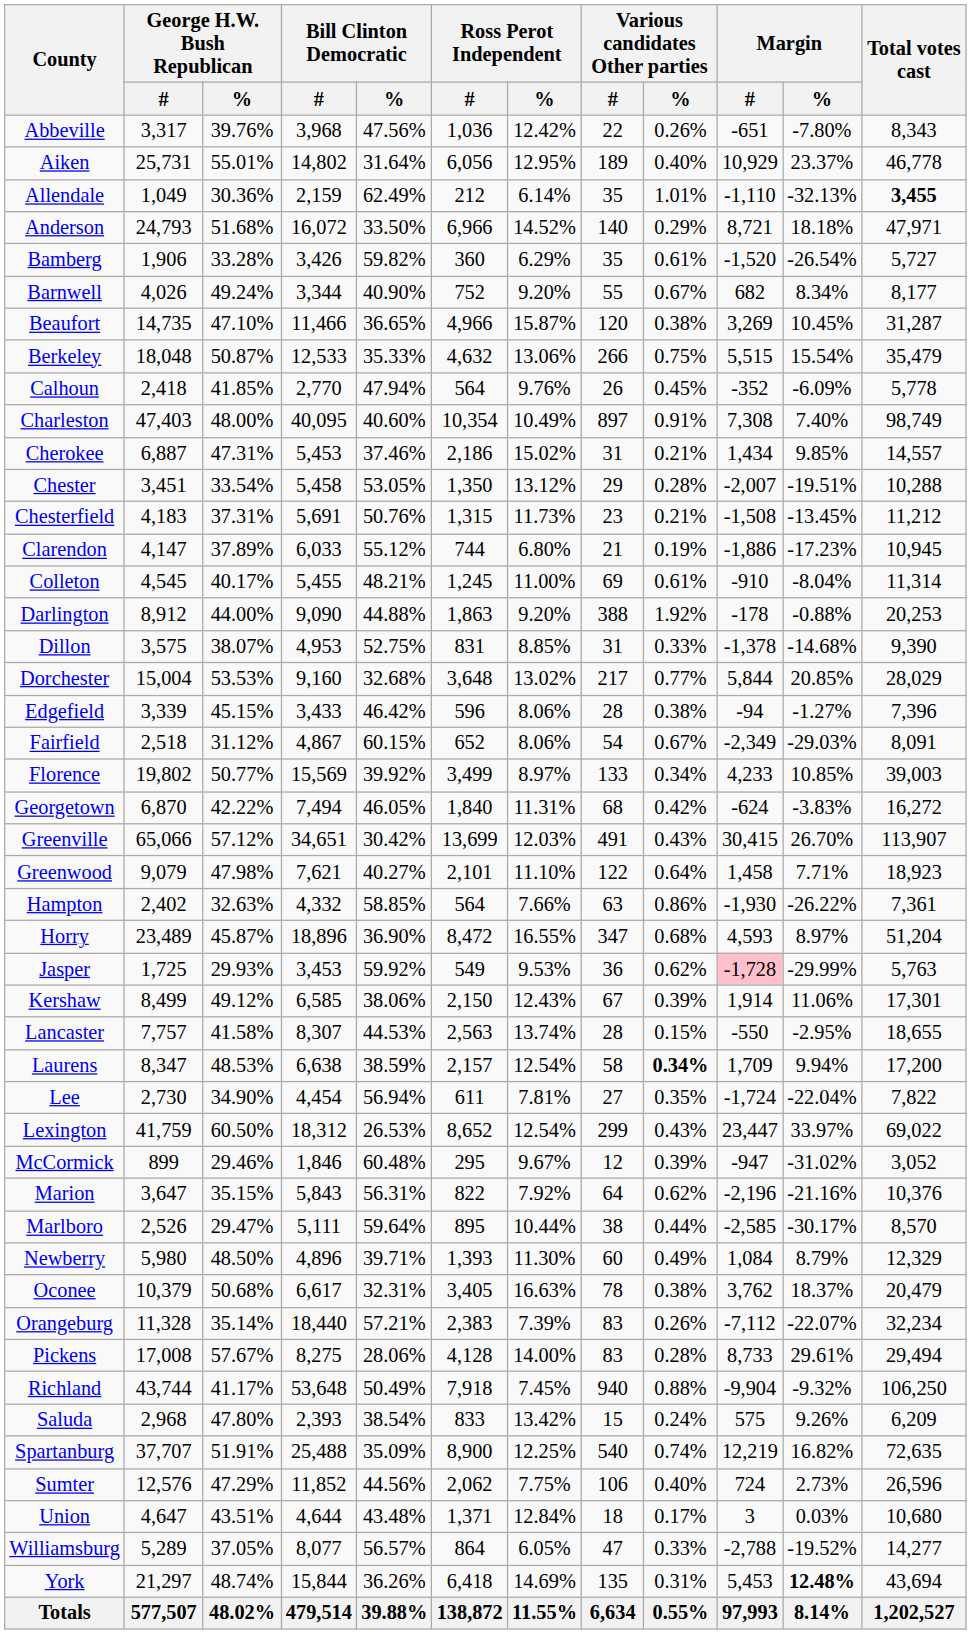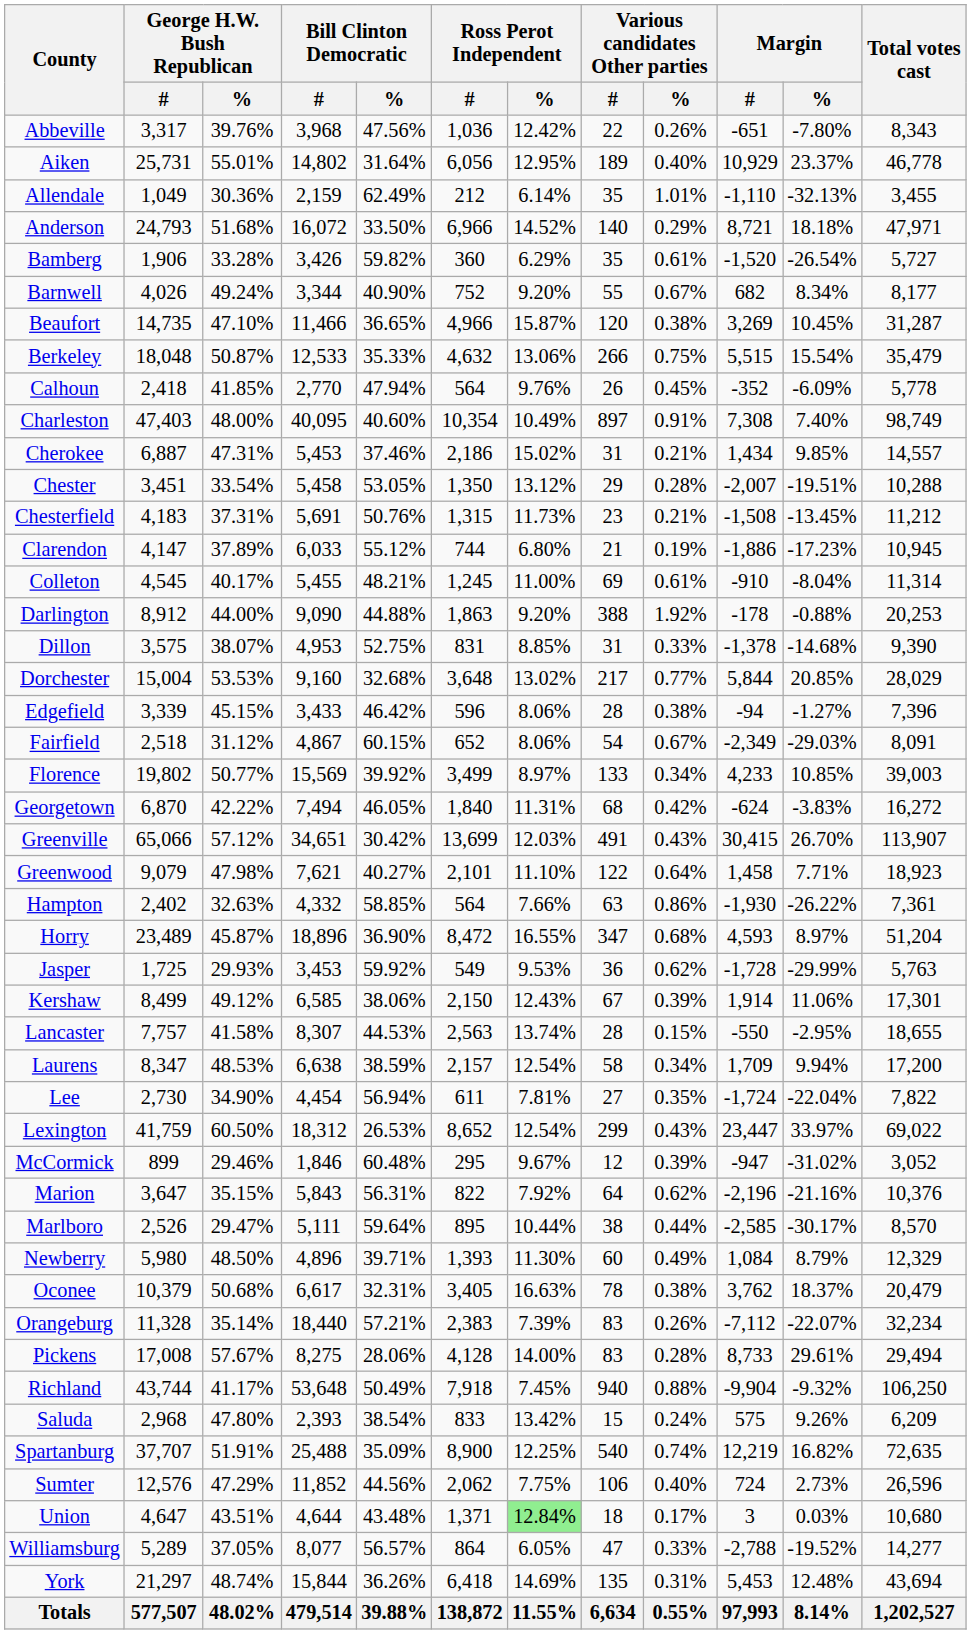 <table width="60%" class="wikitable sortable">
 <tr>
 <th rowspan="2">County</th>
 <th colspan="2" style="text-align:center;">George H.W. Bush<br>Republican</th>
 <th colspan="2" style="text-align:center;">Bill Clinton<br>Democratic</th>
 <th colspan="2" style="text-align:center;">Ross Perot<br>Independent</th>
 <th colspan="2" style="text-align:center;">Various candidates<br>Other parties</th>
 <th colspan="2" style="text-align:center;">Margin</th>
 <th rowspan="2" style="text-align:center;">Total votes cast</th>
 </tr>
 <tr>
 <th style="text-align:center;" data-sort-type="number">#</th>
 <th style="text-align:center;" data-sort-type="number">%</th>
 <th style="text-align:center;" data-sort-type="number">#</th>
 <th style="text-align:center;" data-sort-type="number">%</th>
 <th style="text-align:center;" data-sort-type="number">#</th>
 <th style="text-align:center;" data-sort-type="number">%</th>
 <th style="text-align:center;" data-sort-type="number">#</th>
 <th style="text-align:center;" data-sort-type="number">%</th>
 <th style="text-align:center;" data-sort-type="number">#</th>
 <th style="text-align:center;" data-sort-type="number">%</th>
 </tr>
 <tr style="text-align:center;">
 <td><a href='#'>Abbeville</a></td>
 <td>3,317</td>
 <td>39.76%</td>
 <td>3,968</td>
 <td>47.56%</td>
 <td>1,036</td>
 <td>12.42%</td>
 <td>22</td>
 <td>0.26%</td>
 <td>-651</td>
 <td>-7.80%</td>
 <td>8,343</td>
 </tr>
 <tr style="text-align:center;">
 <td><a href='#'>Aiken</a></td>
 <td>25,731</td>
 <td>55.01%</td>
 <td>14,802</td>
 <td>31.64%</td>
 <td>6,056</td>
 <td>12.95%</td>
 <td>189</td>
 <td>0.40%</td>
 <td>10,929</td>
 <td>23.37%</td>
 <td>46,778</td>
 </tr>
 <tr style="text-align:center;">
 <td><a href='#'>Allendale</a></td>
 <td>1,049</td>
 <td>30.36%</td>
 <td>2,159</td>
 <td>62.49%</td>
 <td>212</td>
 <td>6.14%</td>
 <td>35</td>
 <td>1.01%</td>
 <td>-1,110</td>
 <td>-32.13%</td>
-<td><strong>3,455</strong></td>
+<td>3,455</td>
 </tr>
 <tr style="text-align:center;">
 <td><a href='#'>Anderson</a></td>
 <td>24,793</td>
 <td>51.68%</td>
 <td>16,072</td>
 <td>33.50%</td>
 <td>6,966</td>
 <td>14.52%</td>
 <td>140</td>
 <td>0.29%</td>
 <td>8,721</td>
 <td>18.18%</td>
 <td>47,971</td>
 </tr>
 <tr style="text-align:center;">
 <td><a href='#'>Bamberg</a></td>
 <td>1,906</td>
 <td>33.28%</td>
 <td>3,426</td>
 <td>59.82%</td>
 <td>360</td>
 <td>6.29%</td>
 <td>35</td>
 <td>0.61%</td>
 <td>-1,520</td>
 <td>-26.54%</td>
 <td>5,727</td>
 </tr>
 <tr style="text-align:center;">
 <td><a href='#'>Barnwell</a></td>
 <td>4,026</td>
 <td>49.24%</td>
 <td>3,344</td>
 <td>40.90%</td>
 <td>752</td>
 <td>9.20%</td>
 <td>55</td>
 <td>0.67%</td>
 <td>682</td>
 <td>8.34%</td>
 <td>8,177</td>
 </tr>
 <tr style="text-align:center;">
 <td><a href='#'>Beaufort</a></td>
 <td>14,735</td>
 <td>47.10%</td>
 <td>11,466</td>
 <td>36.65%</td>
 <td>4,966</td>
 <td>15.87%</td>
 <td>120</td>
 <td>0.38%</td>
 <td>3,269</td>
 <td>10.45%</td>
 <td>31,287</td>
 </tr>
 <tr style="text-align:center;">
 <td><a href='#'>Berkeley</a></td>
 <td>18,048</td>
 <td>50.87%</td>
 <td>12,533</td>
 <td>35.33%</td>
 <td>4,632</td>
 <td>13.06%</td>
 <td>266</td>
 <td>0.75%</td>
 <td>5,515</td>
 <td>15.54%</td>
 <td>35,479</td>
 </tr>
 <tr style="text-align:center;">
 <td><a href='#'>Calhoun</a></td>
 <td>2,418</td>
 <td>41.85%</td>
 <td>2,770</td>
 <td>47.94%</td>
 <td>564</td>
 <td>9.76%</td>
 <td>26</td>
 <td>0.45%</td>
 <td>-352</td>
 <td>-6.09%</td>
 <td>5,778</td>
 </tr>
 <tr style="text-align:center;">
 <td><a href='#'>Charleston</a></td>
 <td>47,403</td>
 <td>48.00%</td>
 <td>40,095</td>
 <td>40.60%</td>
 <td>10,354</td>
 <td>10.49%</td>
 <td>897</td>
 <td>0.91%</td>
 <td>7,308</td>
 <td>7.40%</td>
 <td>98,749</td>
 </tr>
 <tr style="text-align:center;">
 <td><a href='#'>Cherokee</a></td>
 <td>6,887</td>
 <td>47.31%</td>
 <td>5,453</td>
 <td>37.46%</td>
 <td>2,186</td>
 <td>15.02%</td>
 <td>31</td>
 <td>0.21%</td>
 <td>1,434</td>
 <td>9.85%</td>
 <td>14,557</td>
 </tr>
 <tr style="text-align:center;">
 <td><a href='#'>Chester</a></td>
 <td>3,451</td>
 <td>33.54%</td>
 <td>5,458</td>
 <td>53.05%</td>
 <td>1,350</td>
 <td>13.12%</td>
 <td>29</td>
 <td>0.28%</td>
 <td>-2,007</td>
 <td>-19.51%</td>
 <td>10,288</td>
 </tr>
 <tr style="text-align:center;">
 <td><a href='#'>Chesterfield</a></td>
 <td>4,183</td>
 <td>37.31%</td>
 <td>5,691</td>
 <td>50.76%</td>
 <td>1,315</td>
 <td>11.73%</td>
 <td>23</td>
 <td>0.21%</td>
 <td>-1,508</td>
 <td>-13.45%</td>
 <td>11,212</td>
 </tr>
 <tr style="text-align:center;">
 <td><a href='#'>Clarendon</a></td>
 <td>4,147</td>
 <td>37.89%</td>
 <td>6,033</td>
 <td>55.12%</td>
 <td>744</td>
 <td>6.80%</td>
 <td>21</td>
 <td>0.19%</td>
 <td>-1,886</td>
 <td>-17.23%</td>
 <td>10,945</td>
 </tr>
 <tr style="text-align:center;">
 <td><a href='#'>Colleton</a></td>
 <td>4,545</td>
 <td>40.17%</td>
 <td>5,455</td>
 <td>48.21%</td>
 <td>1,245</td>
 <td>11.00%</td>
 <td>69</td>
 <td>0.61%</td>
 <td>-910</td>
 <td>-8.04%</td>
 <td>11,314</td>
 </tr>
 <tr style="text-align:center;">
 <td><a href='#'>Darlington</a></td>
 <td>8,912</td>
 <td>44.00%</td>
 <td>9,090</td>
 <td>44.88%</td>
 <td>1,863</td>
 <td>9.20%</td>
 <td>388</td>
 <td>1.92%</td>
 <td>-178</td>
 <td>-0.88%</td>
 <td>20,253</td>
 </tr>
 <tr style="text-align:center;">
 <td><a href='#'>Dillon</a></td>
 <td>3,575</td>
 <td>38.07%</td>
 <td>4,953</td>
 <td>52.75%</td>
 <td>831</td>
 <td>8.85%</td>
 <td>31</td>
 <td>0.33%</td>
 <td>-1,378</td>
 <td>-14.68%</td>
 <td>9,390</td>
 </tr>
 <tr style="text-align:center;">
 <td><a href='#'>Dorchester</a></td>
 <td>15,004</td>
 <td>53.53%</td>
 <td>9,160</td>
 <td>32.68%</td>
 <td>3,648</td>
 <td>13.02%</td>
 <td>217</td>
 <td>0.77%</td>
 <td>5,844</td>
 <td>20.85%</td>
 <td>28,029</td>
 </tr>
 <tr style="text-align:center;">
 <td><a href='#'>Edgefield</a></td>
 <td>3,339</td>
 <td>45.15%</td>
 <td>3,433</td>
 <td>46.42%</td>
 <td>596</td>
 <td>8.06%</td>
 <td>28</td>
 <td>0.38%</td>
 <td>-94</td>
 <td>-1.27%</td>
 <td>7,396</td>
 </tr>
 <tr style="text-align:center;">
 <td><a href='#'>Fairfield</a></td>
 <td>2,518</td>
 <td>31.12%</td>
 <td>4,867</td>
 <td>60.15%</td>
 <td>652</td>
 <td>8.06%</td>
 <td>54</td>
 <td>0.67%</td>
 <td>-2,349</td>
 <td>-29.03%</td>
 <td>8,091</td>
 </tr>
 <tr style="text-align:center;">
 <td><a href='#'>Florence</a></td>
 <td>19,802</td>
 <td>50.77%</td>
 <td>15,569</td>
 <td>39.92%</td>
 <td>3,499</td>
 <td>8.97%</td>
 <td>133</td>
 <td>0.34%</td>
 <td>4,233</td>
 <td>10.85%</td>
 <td>39,003</td>
 </tr>
 <tr style="text-align:center;">
 <td><a href='#'>Georgetown</a></td>
 <td>6,870</td>
 <td>42.22%</td>
 <td>7,494</td>
 <td>46.05%</td>
 <td>1,840</td>
 <td>11.31%</td>
 <td>68</td>
 <td>0.42%</td>
 <td>-624</td>
 <td>-3.83%</td>
 <td>16,272</td>
 </tr>
 <tr style="text-align:center;">
 <td><a href='#'>Greenville</a></td>
 <td>65,066</td>
 <td>57.12%</td>
 <td>34,651</td>
 <td>30.42%</td>
 <td>13,699</td>
 <td>12.03%</td>
 <td>491</td>
 <td>0.43%</td>
 <td>30,415</td>
 <td>26.70%</td>
 <td>113,907</td>
 </tr>
 <tr style="text-align:center;">
 <td><a href='#'>Greenwood</a></td>
 <td>9,079</td>
 <td>47.98%</td>
 <td>7,621</td>
 <td>40.27%</td>
 <td>2,101</td>
 <td>11.10%</td>
 <td>122</td>
 <td>0.64%</td>
 <td>1,458</td>
 <td>7.71%</td>
 <td>18,923</td>
 </tr>
 <tr style="text-align:center;">
 <td><a href='#'>Hampton</a></td>
 <td>2,402</td>
 <td>32.63%</td>
 <td>4,332</td>
 <td>58.85%</td>
 <td>564</td>
 <td>7.66%</td>
 <td>63</td>
 <td>0.86%</td>
 <td>-1,930</td>
 <td>-26.22%</td>
 <td>7,361</td>
 </tr>
 <tr style="text-align:center;">
 <td><a href='#'>Horry</a></td>
 <td>23,489</td>
 <td>45.87%</td>
 <td>18,896</td>
 <td>36.90%</td>
 <td>8,472</td>
 <td>16.55%</td>
 <td>347</td>
 <td>0.68%</td>
 <td>4,593</td>
 <td>8.97%</td>
 <td>51,204</td>
 </tr>
 <tr style="text-align:center;">
 <td><a href='#'>Jasper</a></td>
 <td>1,725</td>
 <td>29.93%</td>
 <td>3,453</td>
 <td>59.92%</td>
 <td>549</td>
 <td>9.53%</td>
 <td>36</td>
 <td>0.62%</td>
-<td style="background: pink;">-1,728</td>
+<td>-1,728</td>
 <td>-29.99%</td>
 <td>5,763</td>
 </tr>
 <tr style="text-align:center;">
 <td><a href='#'>Kershaw</a></td>
 <td>8,499</td>
 <td>49.12%</td>
 <td>6,585</td>
 <td>38.06%</td>
 <td>2,150</td>
 <td>12.43%</td>
 <td>67</td>
 <td>0.39%</td>
 <td>1,914</td>
 <td>11.06%</td>
 <td>17,301</td>
 </tr>
 <tr style="text-align:center;">
 <td><a href='#'>Lancaster</a></td>
 <td>7,757</td>
 <td>41.58%</td>
 <td>8,307</td>
 <td>44.53%</td>
 <td>2,563</td>
 <td>13.74%</td>
 <td>28</td>
 <td>0.15%</td>
 <td>-550</td>
 <td>-2.95%</td>
 <td>18,655</td>
 </tr>
 <tr style="text-align:center;">
 <td><a href='#'>Laurens</a></td>
 <td>8,347</td>
 <td>48.53%</td>
 <td>6,638</td>
 <td>38.59%</td>
 <td>2,157</td>
 <td>12.54%</td>
 <td>58</td>
-<td><strong>0.34%</strong></td>
+<td>0.34%</td>
 <td>1,709</td>
 <td>9.94%</td>
 <td>17,200</td>
 </tr>
 <tr style="text-align:center;">
 <td><a href='#'>Lee</a></td>
 <td>2,730</td>
 <td>34.90%</td>
 <td>4,454</td>
 <td>56.94%</td>
 <td>611</td>
 <td>7.81%</td>
 <td>27</td>
 <td>0.35%</td>
 <td>-1,724</td>
 <td>-22.04%</td>
 <td>7,822</td>
 </tr>
 <tr style="text-align:center;">
 <td><a href='#'>Lexington</a></td>
 <td>41,759</td>
 <td>60.50%</td>
 <td>18,312</td>
 <td>26.53%</td>
 <td>8,652</td>
 <td>12.54%</td>
 <td>299</td>
 <td>0.43%</td>
 <td>23,447</td>
 <td>33.97%</td>
 <td>69,022</td>
 </tr>
 <tr style="text-align:center;">
 <td><a href='#'>McCormick</a></td>
 <td>899</td>
 <td>29.46%</td>
 <td>1,846</td>
 <td>60.48%</td>
 <td>295</td>
 <td>9.67%</td>
 <td>12</td>
 <td>0.39%</td>
 <td>-947</td>
 <td>-31.02%</td>
 <td>3,052</td>
 </tr>
 <tr style="text-align:center;">
 <td><a href='#'>Marion</a></td>
 <td>3,647</td>
 <td>35.15%</td>
 <td>5,843</td>
 <td>56.31%</td>
 <td>822</td>
 <td>7.92%</td>
 <td>64</td>
 <td>0.62%</td>
 <td>-2,196</td>
 <td>-21.16%</td>
 <td>10,376</td>
 </tr>
 <tr style="text-align:center;">
 <td><a href='#'>Marlboro</a></td>
 <td>2,526</td>
 <td>29.47%</td>
 <td>5,111</td>
 <td>59.64%</td>
 <td>895</td>
 <td>10.44%</td>
 <td>38</td>
 <td>0.44%</td>
 <td>-2,585</td>
 <td>-30.17%</td>
 <td>8,570</td>
 </tr>
 <tr style="text-align:center;">
 <td><a href='#'>Newberry</a></td>
 <td>5,980</td>
 <td>48.50%</td>
 <td>4,896</td>
 <td>39.71%</td>
 <td>1,393</td>
 <td>11.30%</td>
 <td>60</td>
 <td>0.49%</td>
 <td>1,084</td>
 <td>8.79%</td>
 <td>12,329</td>
 </tr>
 <tr style="text-align:center;">
 <td><a href='#'>Oconee</a></td>
 <td>10,379</td>
 <td>50.68%</td>
 <td>6,617</td>
 <td>32.31%</td>
 <td>3,405</td>
 <td>16.63%</td>
 <td>78</td>
 <td>0.38%</td>
 <td>3,762</td>
 <td>18.37%</td>
 <td>20,479</td>
 </tr>
 <tr style="text-align:center;">
 <td><a href='#'>Orangeburg</a></td>
 <td>11,328</td>
 <td>35.14%</td>
 <td>18,440</td>
 <td>57.21%</td>
 <td>2,383</td>
 <td>7.39%</td>
 <td>83</td>
 <td>0.26%</td>
 <td>-7,112</td>
 <td>-22.07%</td>
 <td>32,234</td>
 </tr>
 <tr style="text-align:center;">
 <td><a href='#'>Pickens</a></td>
 <td>17,008</td>
 <td>57.67%</td>
 <td>8,275</td>
 <td>28.06%</td>
 <td>4,128</td>
 <td>14.00%</td>
 <td>83</td>
 <td>0.28%</td>
 <td>8,733</td>
 <td>29.61%</td>
 <td>29,494</td>
 </tr>
 <tr style="text-align:center;">
 <td><a href='#'>Richland</a></td>
 <td>43,744</td>
 <td>41.17%</td>
 <td>53,648</td>
 <td>50.49%</td>
 <td>7,918</td>
 <td>7.45%</td>
 <td>940</td>
 <td>0.88%</td>
 <td>-9,904</td>
 <td>-9.32%</td>
 <td>106,250</td>
 </tr>
 <tr style="text-align:center;">
 <td><a href='#'>Saluda</a></td>
 <td>2,968</td>
 <td>47.80%</td>
 <td>2,393</td>
 <td>38.54%</td>
 <td>833</td>
 <td>13.42%</td>
 <td>15</td>
 <td>0.24%</td>
 <td>575</td>
 <td>9.26%</td>
 <td>6,209</td>
 </tr>
 <tr style="text-align:center;">
 <td><a href='#'>Spartanburg</a></td>
 <td>37,707</td>
 <td>51.91%</td>
 <td>25,488</td>
 <td>35.09%</td>
 <td>8,900</td>
 <td>12.25%</td>
 <td>540</td>
 <td>0.74%</td>
 <td>12,219</td>
 <td>16.82%</td>
 <td>72,635</td>
 </tr>
 <tr style="text-align:center;">
 <td><a href='#'>Sumter</a></td>
 <td>12,576</td>
 <td>47.29%</td>
 <td>11,852</td>
 <td>44.56%</td>
 <td>2,062</td>
 <td>7.75%</td>
 <td>106</td>
 <td>0.40%</td>
 <td>724</td>
 <td>2.73%</td>
 <td>26,596</td>
 </tr>
 <tr style="text-align:center;">
 <td><a href='#'>Union</a></td>
 <td>4,647</td>
 <td>43.51%</td>
 <td>4,644</td>
 <td>43.48%</td>
 <td>1,371</td>
-<td>12.84%</td>
+<td style="background: lightgreen;">12.84%</td>
 <td>18</td>
 <td>0.17%</td>
 <td>3</td>
 <td>0.03%</td>
 <td>10,680</td>
 </tr>
 <tr style="text-align:center;">
 <td><a href='#'>Williamsburg</a></td>
 <td>5,289</td>
 <td>37.05%</td>
 <td>8,077</td>
 <td>56.57%</td>
 <td>864</td>
 <td>6.05%</td>
 <td>47</td>
 <td>0.33%</td>
 <td>-2,788</td>
 <td>-19.52%</td>
 <td>14,277</td>
 </tr>
 <tr style="text-align:center;">
 <td><a href='#'>York</a></td>
 <td>21,297</td>
 <td>48.74%</td>
 <td>15,844</td>
 <td>36.26%</td>
 <td>6,418</td>
 <td>14.69%</td>
 <td>135</td>
 <td>0.31%</td>
 <td>5,453</td>
-<td><strong>12.48%</strong></td>
+<td>12.48%</td>
 <td>43,694</td>
 </tr>
 <tr style="text-align:center;">
 <th>Totals</th>
 <th>577,507</th>
 <th>48.02%</th>
 <th>479,514</th>
 <th>39.88%</th>
 <th>138,872</th>
 <th>11.55%</th>
 <th>6,634</th>
 <th>0.55%</th>
 <th>97,993</th>
 <th>8.14%</th>
 <th>1,202,527</th>
 </tr>
 </table>
